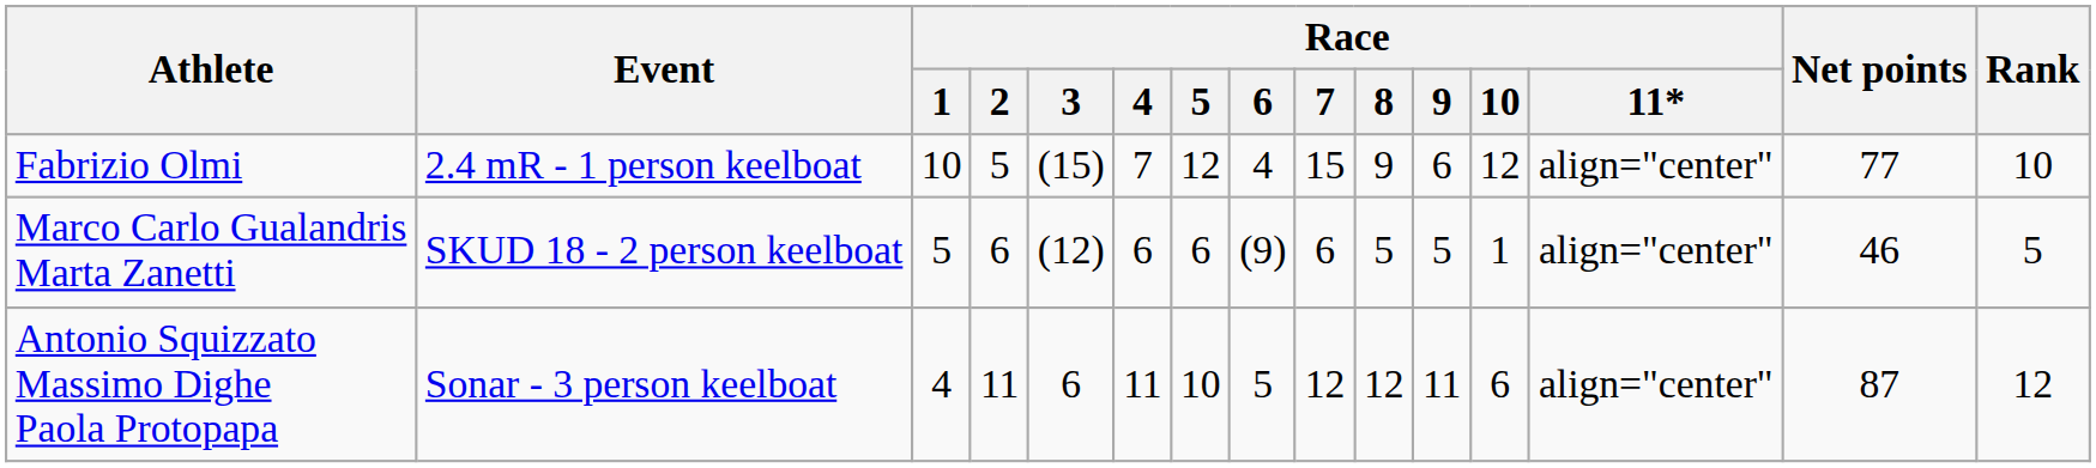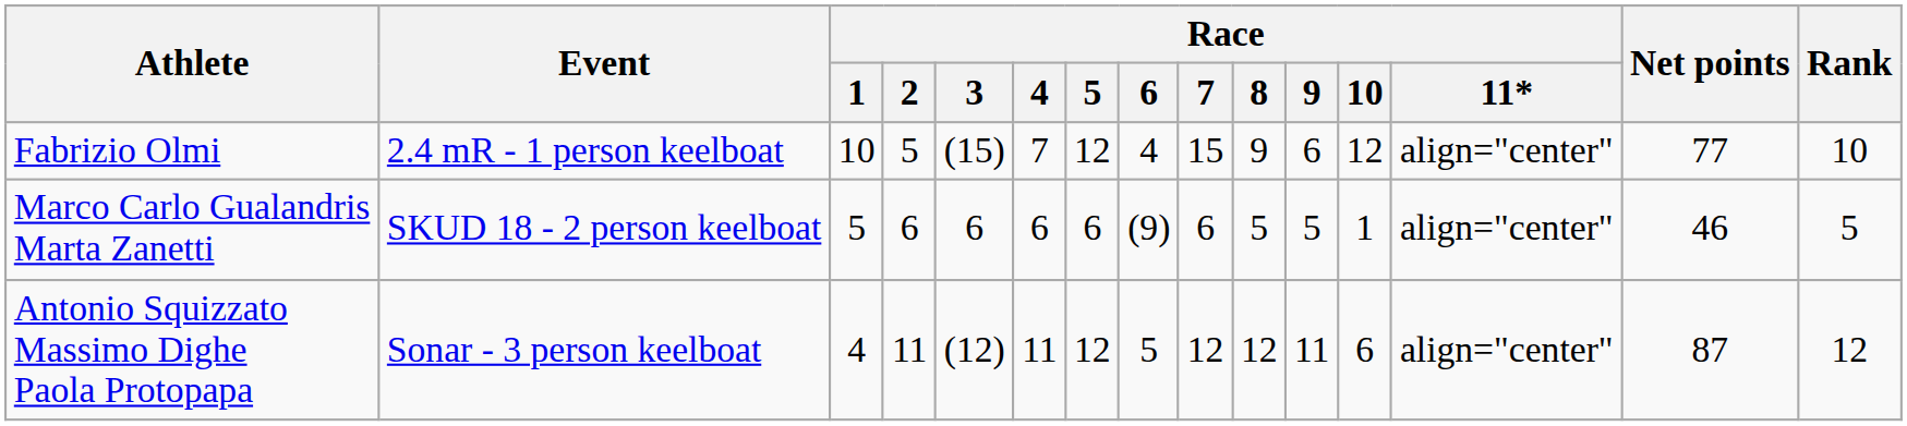 <table class=wikitable>
 <tr>
 <th rowspan="2">Athlete</th>
 <th rowspan="2">Event</th>
 <th colspan="11">Race</th>
 <th rowspan="2">Net points</th>
 <th rowspan="2">Rank</th>
 </tr>
 <tr>
 <th width="15">1</th>
 <th width="15">2</th>
 <th width="15">3</th>
 <th width="15">4</th>
 <th width="15">5</th>
 <th width="15">6</th>
 <th width="15">7</th>
 <th width="15">8</th>
 <th width="15">9</th>
 <th width="15">10</th>
 <th width="15">11*</th>
 </tr>
 <tr>
 <td><a href='#'>Fabrizio Olmi</a></td>
 <td><a href='#'>2.4 mR - 1 person keelboat</a></td>
 <td align="center">10</td>
 <td align="center">5</td>
 <td align="center">(15)</td>
 <td align="center">7</td>
 <td align="center">12</td>
 <td align="center">4</td>
 <td align="center">15</td>
 <td align="center">9</td>
 <td align="center">6</td>
 <td align="center">12</td>
 <td>align="center" </td>
 <td align="center">77</td>
 <td align="center">10</td>
 </tr>
 <tr>
 <td><a href='#'>Marco Carlo Gualandris</a><br><a href='#'>Marta Zanetti</a></td>
 <td><a href='#'>SKUD 18 - 2 person keelboat</a></td>
 <td align="center">5</td>
 <td align="center">6 <br><small></small></td>
-<td align="center">(12)</td>
+<td align="center">6</td>
 <td align="center">6</td>
 <td align="center">6</td>
 <td align="center">(9)</td>
 <td align="center">6</td>
 <td align="center">5</td>
 <td align="center">5</td>
 <td align="center">1</td>
 <td>align="center" </td>
 <td align="center">46</td>
 <td align="center">5</td>
 </tr>
 <tr>
 <td><a href='#'>Antonio Squizzato</a><br><a href='#'>Massimo Dighe</a><br><a href='#'>Paola Protopapa</a></td>
 <td><a href='#'>Sonar - 3 person keelboat</a></td>
 <td align="center">4</td>
 <td align="center">11</td>
-<td align="center">6</td>
+<td align="center">(12)</td>
 <td align="center">11</td>
-<td align="center">10</td>
+<td align="center">12</td>
 <td align="center">5</td>
 <td align="center">12</td>
 <td align="center">12</td>
 <td align="center">11</td>
 <td align="center">6</td>
 <td>align="center" </td>
 <td align="center">87</td>
 <td align="center">12</td>
 </tr>
 </table>
